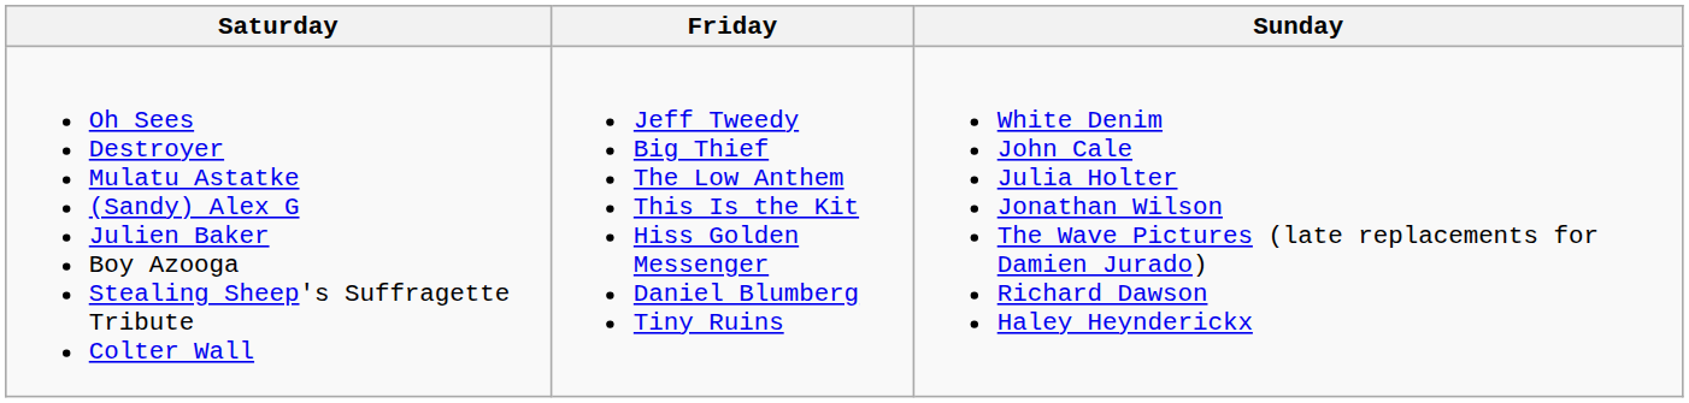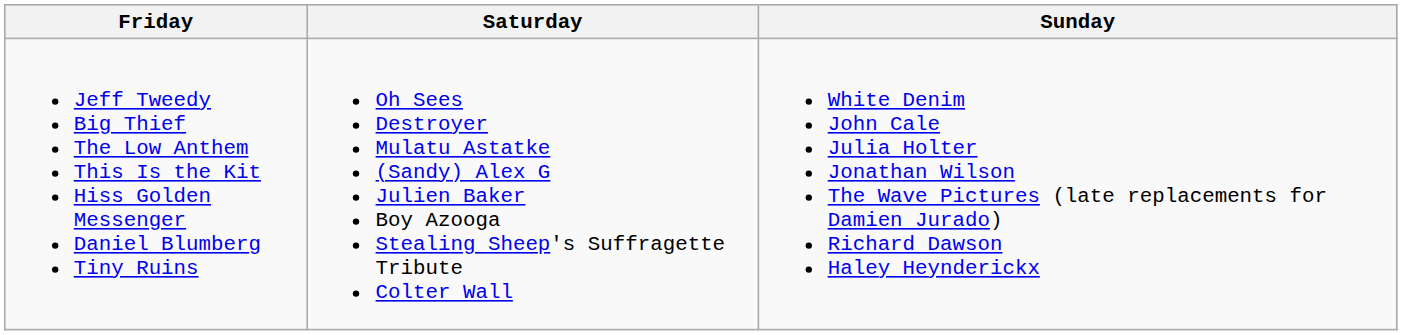 <table class="wikitable">
 <tr>
+<th>Friday</th>
 <th>Saturday</th>
-<th>Friday</th>
 <th>Sunday</th>
 </tr>
 <tr valign="top">
+<td><br><ul><li><a href='#'>Jeff Tweedy</a></li><li><a href='#'>Big Thief</a></li><li><a href='#'>The Low Anthem</a></li><li><a href='#'>This Is the Kit</a></li><li><a href='#'>Hiss Golden Messenger</a></li><li><a href='#'>Daniel Blumberg</a></li><li><a href='#'>Tiny Ruins</a></li></ul></td>
 <td><br><ul><li><a href='#'>Oh Sees</a></li><li><a href='#'>Destroyer</a></li><li><a href='#'>Mulatu Astatke</a></li><li><a href='#'>(Sandy) Alex G</a></li><li><a href='#'>Julien Baker</a></li><li>Boy Azooga</li><li><a href='#'>Stealing Sheep</a>'s Suffragette Tribute</li><li><a href='#'>Colter Wall</a></li></ul></td>
-<td><br><ul><li><a href='#'>Jeff Tweedy</a></li><li><a href='#'>Big Thief</a></li><li><a href='#'>The Low Anthem</a></li><li><a href='#'>This Is the Kit</a></li><li><a href='#'>Hiss Golden Messenger</a></li><li><a href='#'>Daniel Blumberg</a></li><li><a href='#'>Tiny Ruins</a></li></ul></td>
 <td><br><ul><li><a href='#'>White Denim</a></li><li><a href='#'>John Cale</a></li><li><a href='#'>Julia Holter</a></li><li><a href='#'>Jonathan Wilson</a></li><li><a href='#'>The Wave Pictures</a> (late replacements for <a href='#'>Damien Jurado</a>)</li><li><a href='#'>Richard Dawson</a></li><li><a href='#'>Haley Heynderickx</a></li></ul></td>
 </tr>
 </table>
